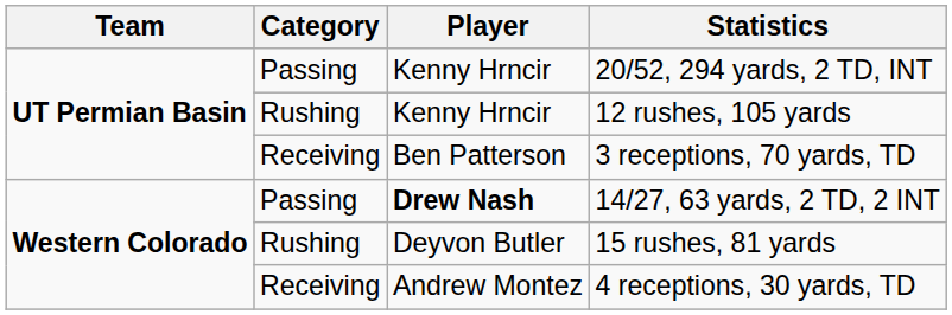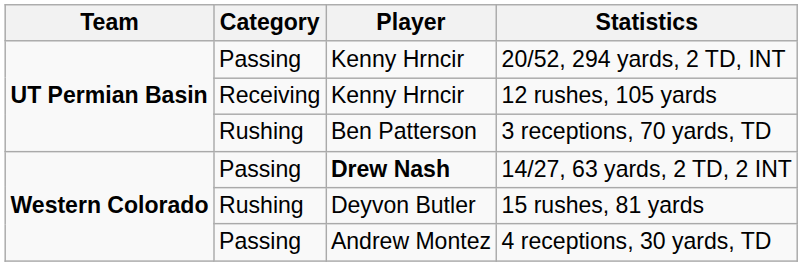 <table class="wikitable" style="float: right;">
 <tr>
 <th>Team</th>
 <th>Category</th>
 <th>Player</th>
 <th>Statistics</th>
 </tr>
 <tr>
 <td rowspan=3><strong>UT Permian Basin</strong></td>
 <td>Passing</td>
 <td>Kenny Hrncir</td>
 <td>20/52, 294 yards, 2 TD, INT</td>
 </tr>
 <tr>
-<td>Rushing</td>
+<td>Receiving</td>
 <td>Kenny Hrncir</td>
 <td>12 rushes, 105 yards</td>
 </tr>
 <tr>
-<td>Receiving</td>
+<td>Rushing</td>
 <td>Ben Patterson</td>
 <td>3 receptions, 70 yards, TD</td>
 </tr>
 <tr>
 <td rowspan=3><strong>Western Colorado</strong></td>
 <td>Passing</td>
 <td><strong>Drew Nash</strong></td>
 <td>14/27, 63 yards, 2 TD, 2 INT</td>
 </tr>
 <tr>
 <td>Rushing</td>
 <td>Deyvon Butler</td>
 <td>15 rushes, 81 yards</td>
 </tr>
 <tr>
-<td>Receiving</td>
+<td>Passing</td>
 <td>Andrew Montez</td>
 <td>4 receptions, 30 yards, TD</td>
 </tr>
 </table>
